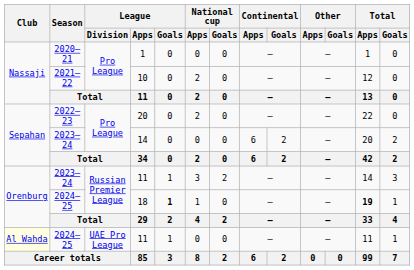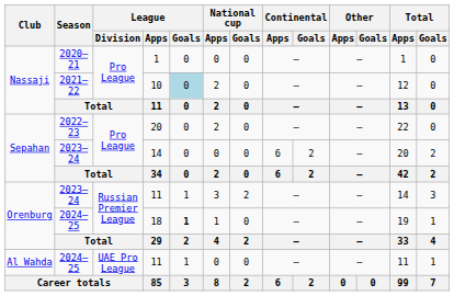 <table class="wikitable" style="text-align: center;">
 <tr>
 <th rowspan="2">Club</th>
 <th rowspan="2">Season</th>
 <th colspan="3">League</th>
 <th colspan="2">National cup</th>
 <th colspan="2">Continental</th>
 <th colspan="2">Other</th>
 <th colspan="2">Total</th>
 </tr>
 <tr>
 <th>Division</th>
 <th>Apps</th>
 <th>Goals</th>
 <th>Apps</th>
 <th>Goals</th>
 <th>Apps</th>
 <th>Goals</th>
 <th>Apps</th>
 <th>Goals</th>
 <th>Apps</th>
 <th>Goals</th>
 </tr>
 <tr>
 <td rowspan="3"><a href='#'>Nassaji</a></td>
 <td><a href='#'>2020–21</a></td>
 <td rowspan="2"><a href='#'>Pro League</a></td>
 <td>1</td>
 <td>0</td>
 <td>0</td>
 <td>0</td>
 <td colspan="2">—</td>
 <td colspan="2">—</td>
 <td>1</td>
 <td>0</td>
 </tr>
 <tr>
 <td><a href='#'>2021–22</a></td>
 <td>10</td>
-<td>0</td>
+<td style="background: lightblue;">0</td>
 <td>2</td>
 <td>0</td>
 <td colspan="2">—</td>
 <td colspan="2">—</td>
 <td>12</td>
 <td>0</td>
 </tr>
 <tr>
 <th colspan="2">Total</th>
 <th>11</th>
 <th>0</th>
 <th>2</th>
 <th>0</th>
 <th colspan="2">—</th>
 <th colspan="2">—</th>
 <th>13</th>
 <th>0</th>
 </tr>
 <tr>
 <td rowspan="3"><a href='#'>Sepahan</a></td>
 <td><a href='#'>2022–23</a></td>
 <td rowspan="2"><a href='#'>Pro League</a></td>
 <td>20</td>
 <td>0</td>
 <td>2</td>
 <td>0</td>
 <td colspan="2">—</td>
 <td colspan="2">—</td>
 <td>22</td>
 <td>0</td>
 </tr>
 <tr>
 <td><a href='#'>2023–24</a></td>
 <td>14</td>
 <td>0</td>
 <td>0</td>
 <td>0</td>
 <td>6</td>
 <td>2</td>
 <td colspan="2">—</td>
 <td>20</td>
 <td>2</td>
 </tr>
 <tr>
 <th colspan="2">Total</th>
 <th>34</th>
 <th>0</th>
 <th>2</th>
 <th>0</th>
 <th>6</th>
 <th>2</th>
 <th colspan="2">—</th>
 <th>42</th>
 <th>2</th>
 </tr>
 <tr>
 <td rowspan="3"><a href='#'>Orenburg</a></td>
 <td><a href='#'>2023–24</a></td>
 <td rowspan="2"><a href='#'>Russian Premier League</a></td>
 <td>11</td>
 <td>1</td>
 <td>3</td>
 <td>2</td>
 <td colspan="2">—</td>
 <td colspan="2">—</td>
 <td>14</td>
 <td>3</td>
 </tr>
 <tr>
 <td><a href='#'>2024–25</a></td>
 <td>18</td>
 <td><strong>1</strong></td>
 <td>1</td>
 <td>0</td>
 <td colspan="2">—</td>
 <td colspan="2">—</td>
-<td><strong>19</strong></td>
+<td>19</td>
 <td>1</td>
 </tr>
 <tr>
 <th colspan="2">Total</th>
 <th>29</th>
 <th>2</th>
 <th>4</th>
 <th>2</th>
 <th colspan="2">—</th>
 <th colspan="2">—</th>
 <th>33</th>
 <th>4</th>
 </tr>
 <tr>
-<td style="background: lightyellow;"><a href='#'>Al Wahda</a></td>
+<td><a href='#'>Al Wahda</a></td>
 <td><a href='#'>2024–25</a></td>
 <td><a href='#'>UAE Pro League</a></td>
 <td>11</td>
 <td>1</td>
 <td>0</td>
 <td>0</td>
 <td colspan="2">—</td>
 <td colspan="2">—</td>
 <td>11</td>
 <td>1</td>
 </tr>
 <tr>
 <th colspan="3">Career totals</th>
 <th>85</th>
 <th>3</th>
 <th>8</th>
 <th>2</th>
 <th>6</th>
 <th>2</th>
 <th>0</th>
 <th>0</th>
 <th>99</th>
 <th>7</th>
 </tr>
 </table>
